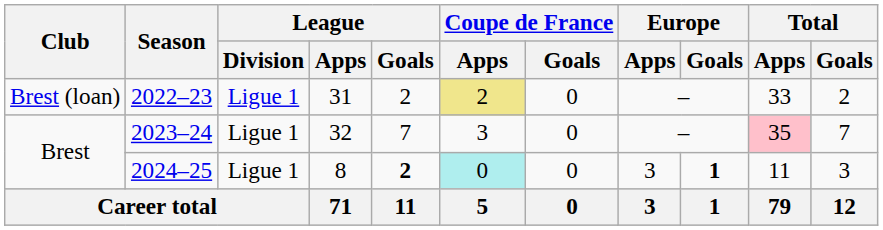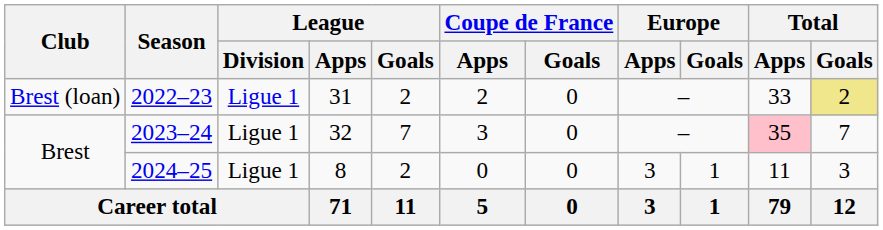 <table class="wikitable" style="text-align: center;">
 <tr>
 <th rowspan="2">Club</th>
 <th rowspan="2">Season</th>
 <th colspan="3">League</th>
 <th colspan="2"><a href='#'>Coupe de France</a></th>
 <th colspan="2">Europe</th>
 <th colspan="2">Total</th>
 </tr>
 <tr>
 <th>Division</th>
 <th>Apps</th>
 <th>Goals</th>
 <th>Apps</th>
 <th>Goals</th>
 <th>Apps</th>
 <th>Goals</th>
 <th>Apps</th>
 <th>Goals</th>
 </tr>
 <tr>
 <td><a href='#'>Brest</a> (loan)</td>
 <td><a href='#'>2022–23</a></td>
 <td><a href='#'>Ligue 1</a></td>
 <td>31</td>
 <td>2</td>
-<td style="background: khaki;">2</td>
+<td>2</td>
 <td>0</td>
 <td colspan="2">–</td>
 <td>33</td>
-<td>2</td>
+<td style="background: khaki;">2</td>
 </tr>
 <tr>
 <td rowspan="2">Brest</td>
 <td><a href='#'>2023–24</a></td>
 <td>Ligue 1</td>
 <td>32</td>
 <td>7</td>
 <td>3</td>
 <td>0</td>
 <td colspan="2">–</td>
 <td style="background: pink;">35</td>
 <td>7</td>
 </tr>
 <tr>
 <td><a href='#'>2024–25</a></td>
 <td>Ligue 1</td>
 <td>8</td>
-<td><strong>2</strong></td>
-<td style="background: paleturquoise;">0</td>
+<td>2</td>
+<td>0</td>
 <td>0</td>
 <td>3</td>
-<td><strong>1</strong></td>
+<td>1</td>
 <td>11</td>
 <td>3</td>
 </tr>
 <tr>
 <th colspan="3">Career total</th>
 <th>71</th>
 <th>11</th>
 <th>5</th>
 <th>0</th>
 <th>3</th>
 <th>1</th>
 <th>79</th>
 <th>12</th>
 </tr>
 </table>
